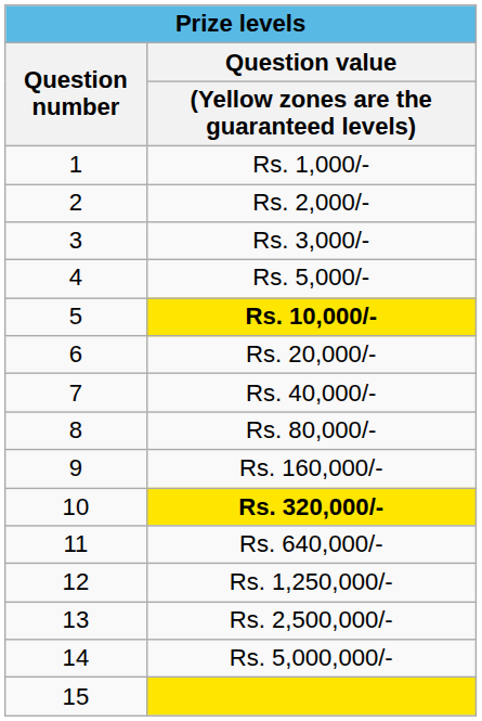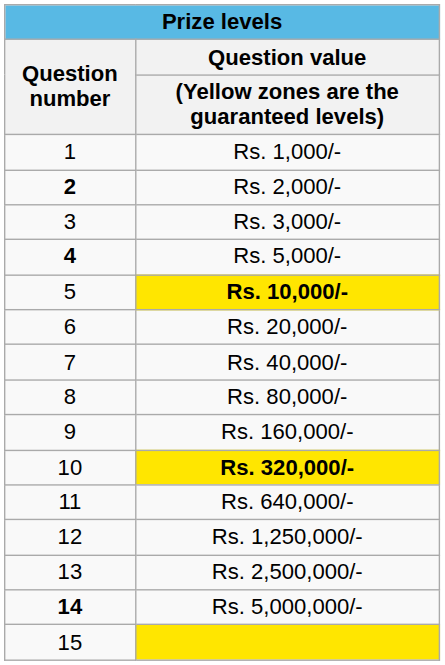 <table class="wikitable" style="text-align:center; border:1px;; cellpadding:2; cellspacing:0; width:25%;">
 <tr>
 <th colspan="2" style="background: #58B9E4">Prize levels</th>
 </tr>
 <tr>
 <th rowspan="2" style="width: 30%">Question number</th>
 <th>Question value</th>
 </tr>
 <tr>
 <th style="width: 70%">(Yellow zones are the guaranteed levels)</th>
 </tr>
 <tr>
 <td>1</td>
 <td>Rs. 1,000/-</td>
 </tr>
 <tr>
-<td>2</td>
+<td><strong>2</strong></td>
 <td>Rs. 2,000/-</td>
 </tr>
 <tr>
 <td>3</td>
 <td>Rs. 3,000/-</td>
 </tr>
 <tr>
-<td>4</td>
+<td><strong>4</strong></td>
 <td>Rs. 5,000/-</td>
 </tr>
 <tr>
 <td>5</td>
 <td style="background: #FFE600"><strong>Rs. 10,000/-</strong></td>
 </tr>
 <tr>
 <td>6</td>
 <td>Rs. 20,000/-</td>
 </tr>
 <tr>
 <td>7</td>
 <td>Rs. 40,000/-</td>
 </tr>
 <tr>
 <td>8</td>
 <td>Rs. 80,000/-</td>
 </tr>
 <tr>
 <td>9</td>
 <td>Rs. 160,000/-</td>
 </tr>
 <tr>
 <td>10</td>
 <td style="background: #FFE600"><strong>Rs. 320,000/-</strong></td>
 </tr>
 <tr>
 <td>11</td>
 <td>Rs. 640,000/-</td>
 </tr>
 <tr>
 <td>12</td>
 <td>Rs. 1,250,000/-</td>
 </tr>
 <tr>
 <td>13</td>
 <td>Rs. 2,500,000/-</td>
 </tr>
 <tr>
-<td>14</td>
+<td><strong>14</strong></td>
 <td>Rs. 5,000,000/-</td>
 </tr>
 <tr>
 <td>15</td>
 <td style="background: #FFE600"><strong></strong></td>
 </tr>
 </table>
